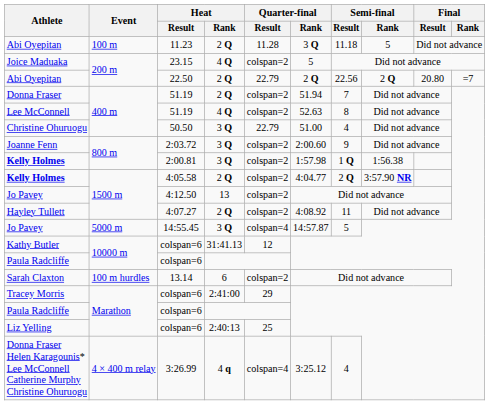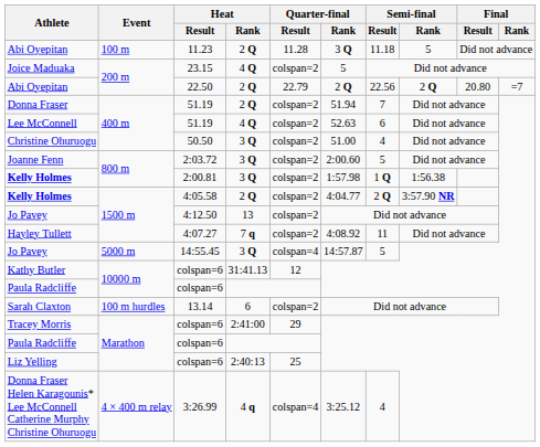 <table class=wikitable style="font-size:90%">
 <tr>
 <th rowspan="2">Athlete</th>
 <th rowspan="2">Event</th>
 <th colspan="2">Heat</th>
 <th colspan="2">Quarter-final</th>
 <th colspan="2">Semi-final</th>
 <th colspan="2">Final</th>
 </tr>
 <tr style="font-size:95%">
 <th>Result</th>
 <th>Rank</th>
 <th>Result</th>
 <th>Rank</th>
 <th>Result</th>
 <th>Rank</th>
 <th>Result</th>
 <th>Rank</th>
 </tr>
 <tr align=center>
 <td align=left><a href='#'>Abi Oyepitan</a></td>
 <td align=left><a href='#'>100 m</a></td>
 <td>11.23</td>
 <td>2 <strong>Q</strong></td>
 <td>11.28</td>
 <td>3 <strong>Q</strong></td>
 <td>11.18</td>
 <td>5</td>
 <td colspan=2>Did not advance</td>
 </tr>
 <tr align=center>
 <td align=left><a href='#'>Joice Maduaka</a></td>
 <td align=left rowspan=2><a href='#'>200 m</a></td>
 <td>23.15</td>
 <td>4 <strong>Q</strong></td>
 <td>colspan=2 </td>
 <td>5</td>
 <td colspan=4>Did not advance</td>
 </tr>
 <tr align=center>
 <td align=left><a href='#'>Abi Oyepitan</a></td>
 <td>22.50</td>
 <td>2 <strong>Q</strong></td>
 <td>22.79</td>
 <td>2 <strong>Q</strong></td>
 <td>22.56</td>
 <td>2 <strong>Q</strong></td>
 <td>20.80</td>
 <td>=7</td>
 </tr>
 <tr align=center>
 <td align=left><a href='#'>Donna Fraser</a></td>
 <td align=left rowspan=3><a href='#'>400 m</a></td>
 <td>51.19</td>
 <td>2 <strong>Q</strong></td>
 <td>colspan=2 </td>
 <td>51.94</td>
 <td>7</td>
 <td colspan=2>Did not advance</td>
 </tr>
 <tr align=center>
 <td align=left><a href='#'>Lee McConnell</a></td>
 <td>51.19</td>
 <td>4 <strong>Q</strong></td>
 <td>colspan=2 </td>
 <td>52.63</td>
-<td>8</td>
+<td>6</td>
 <td colspan=2>Did not advance</td>
 </tr>
 <tr align=center>
 <td align=left><a href='#'>Christine Ohuruogu</a></td>
 <td>50.50</td>
 <td>3 <strong>Q</strong></td>
-<td>22.79</td>
+<td>colspan=2 </td>
 <td>51.00</td>
 <td>4</td>
 <td colspan=2>Did not advance</td>
 </tr>
 <tr align=center>
 <td align=left><a href='#'>Joanne Fenn</a></td>
 <td align=left rowspan=2><a href='#'>800 m</a></td>
 <td>2:03.72</td>
 <td>3 <strong>Q</strong></td>
 <td>colspan=2 </td>
 <td>2:00.60</td>
-<td>9</td>
+<td>5</td>
 <td colspan=2>Did not advance</td>
 </tr>
 <tr align=center>
 <td align=left><strong><a href='#'>Kelly Holmes</a></strong></td>
 <td>2:00.81</td>
 <td>3 <strong>Q</strong></td>
 <td>colspan=2 </td>
 <td>1:57.98</td>
 <td>1 <strong>Q</strong></td>
 <td>1:56.38</td>
 <td></td>
 </tr>
 <tr align=center>
 <td align=left><strong><a href='#'>Kelly Holmes</a></strong></td>
 <td align=left rowspan=3><a href='#'>1500 m</a></td>
 <td>4:05.58</td>
 <td>2 <strong>Q</strong></td>
 <td>colspan=2 </td>
 <td>4:04.77</td>
 <td>2 <strong>Q</strong></td>
 <td>3:57.90 <strong><a href='#'>NR</a></strong></td>
 <td></td>
 </tr>
 <tr align=center>
 <td align=left><a href='#'>Jo Pavey</a></td>
 <td>4:12.50</td>
 <td>13</td>
 <td>colspan=2 </td>
 <td colspan=4>Did not advance</td>
 </tr>
 <tr align=center>
 <td align=left><a href='#'>Hayley Tullett</a></td>
 <td>4:07.27</td>
-<td>2 <strong>Q</strong></td>
+<td>7 <strong>q</strong></td>
 <td>colspan=2 </td>
 <td>4:08.92</td>
 <td>11</td>
 <td colspan=2>Did not advance</td>
 </tr>
 <tr align=center>
 <td align=left><a href='#'>Jo Pavey</a></td>
 <td align=left><a href='#'>5000 m</a></td>
 <td>14:55.45</td>
 <td>3 <strong>Q</strong></td>
 <td>colspan=4 </td>
 <td>14:57.87</td>
 <td>5</td>
 </tr>
 <tr align=center>
 <td align=left><a href='#'>Kathy Butler</a></td>
 <td align=left rowspan=2><a href='#'>10000 m</a></td>
 <td>colspan=6 </td>
 <td>31:41.13</td>
 <td>12</td>
 </tr>
 <tr align=center>
 <td align=left><a href='#'>Paula Radcliffe</a></td>
 <td>colspan=6 </td>
 <td colspan=2></td>
 </tr>
 <tr align=center>
 <td align=left><a href='#'>Sarah Claxton</a></td>
 <td align=left><a href='#'>100 m hurdles</a></td>
 <td>13.14</td>
 <td>6</td>
 <td>colspan=2 </td>
 <td colspan=4>Did not advance</td>
 </tr>
 <tr align=center>
 <td align=left><a href='#'>Tracey Morris</a></td>
 <td align=left rowspan=3><a href='#'>Marathon</a></td>
 <td>colspan=6 </td>
 <td>2:41:00</td>
 <td>29</td>
 </tr>
 <tr align=center>
 <td align=left><a href='#'>Paula Radcliffe</a></td>
 <td>colspan=6 </td>
 <td colspan=2></td>
 </tr>
 <tr align=center>
 <td align=left><a href='#'>Liz Yelling</a></td>
 <td>colspan=6 </td>
 <td>2:40:13</td>
 <td>25</td>
 </tr>
 <tr align=center>
 <td align=left><a href='#'>Donna Fraser</a><br><a href='#'>Helen Karagounis</a>*<br><a href='#'>Lee McConnell</a><br><a href='#'>Catherine Murphy</a><br><a href='#'>Christine Ohuruogu</a></td>
 <td align=left><a href='#'>4 × 400 m relay</a></td>
 <td>3:26.99</td>
 <td>4 <strong>q</strong></td>
 <td>colspan=4 </td>
 <td>3:25.12</td>
 <td>4</td>
 </tr>
 </table>
